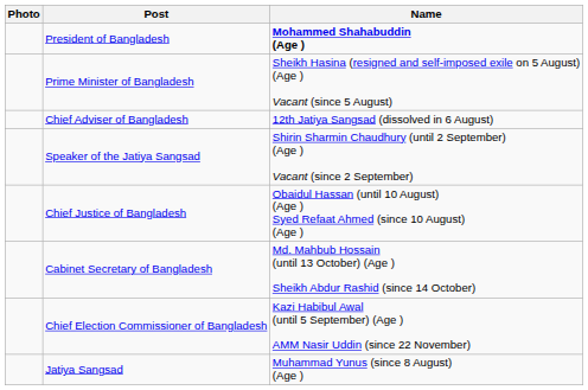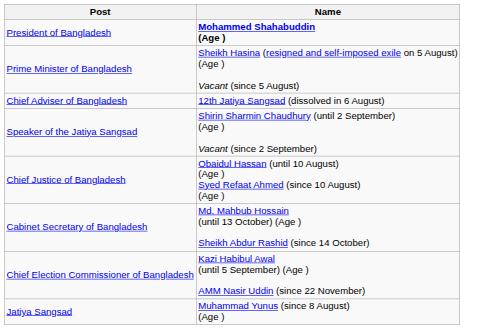 <table class=wikitable>
 <tr>
-<th>Photo</th>
 <th>Post</th>
 <th>Name</th>
 </tr>
 <tr>
-<td></td>
 <td><a href='#'>President of Bangladesh</a></td>
 <td><strong><a href='#'>Mohammed Shahabuddin</a><br>(Age )</strong></td>
 </tr>
 <tr>
-<td></td>
 <td><a href='#'>Prime Minister of Bangladesh</a></td>
 <td><a href='#'>Sheikh Hasina</a> (<a href='#'>resigned and self-imposed exile</a> on 5 August)<br>(Age )<br><br><em>Vacant</em> (since 5 August)</td>
 </tr>
 <tr>
-<td></td>
 <td><a href='#'>Chief Adviser of Bangladesh</a></td>
 <td><a href='#'>12th Jatiya Sangsad</a> (dissolved in 6 August)</td>
 </tr>
 <tr>
-<td></td>
 <td><a href='#'>Speaker of the Jatiya Sangsad</a></td>
 <td><a href='#'>Shirin Sharmin Chaudhury</a> (until 2 September)<br>(Age )<br><br><em>Vacant</em> (since 2 September)</td>
 </tr>
 <tr>
-<td></td>
 <td><a href='#'>Chief Justice of Bangladesh</a></td>
 <td><a href='#'>Obaidul Hassan</a> (until 10 August)<br>(Age )<br><a href='#'>Syed Refaat Ahmed</a> (since 10 August)<br>(Age )</td>
 </tr>
 <tr>
-<td></td>
 <td><a href='#'>Cabinet Secretary of Bangladesh</a></td>
 <td><a href='#'>Md. Mahbub Hossain</a><br>(until 13 October) (Age )<br><br><a href='#'>Sheikh Abdur Rashid</a> (since 14 October)</td>
 </tr>
 <tr>
-<td></td>
 <td><a href='#'>Chief Election Commissioner of Bangladesh</a></td>
 <td><a href='#'>Kazi Habibul Awal</a><br>(until 5 September) (Age )<br><br><a href='#'>AMM Nasir Uddin</a> (since 22 November)</td>
 </tr>
 <tr>
-<td></td>
 <td><a href='#'>Jatiya Sangsad</a></td>
 <td><a href='#'>Muhammad Yunus</a> (since 8 August)<br>(Age )</td>
 </tr>
 </table>
